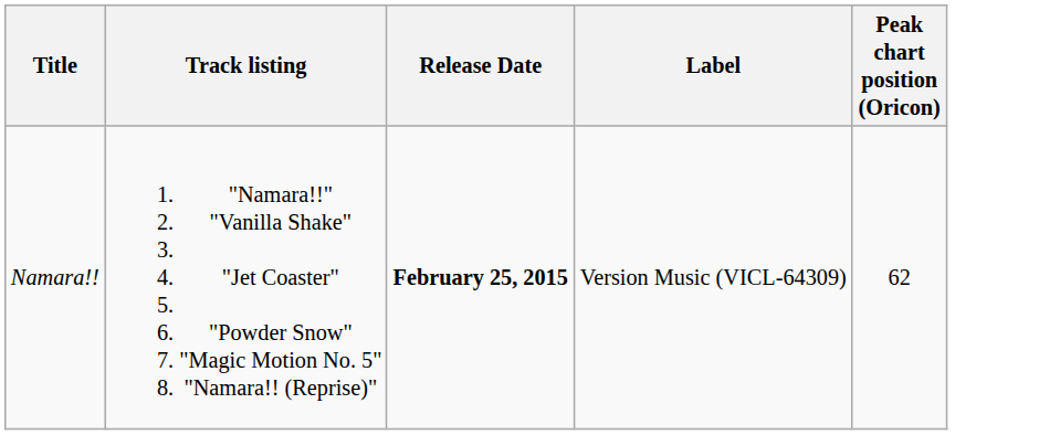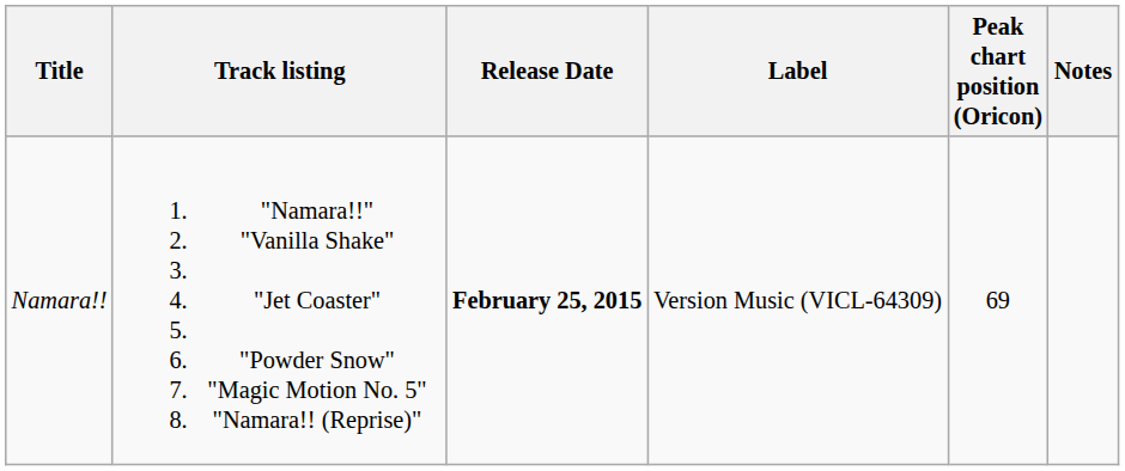 <table class="wikitable" style="font-size:small;text-align:center">
 <tr>
 <th>Title</th>
 <th style="width:30%;">Track listing</th>
 <th>Release Date</th>
 <th>Label</th>
 <th>Peak  <br> chart <br> position <br>  (Oricon)</th>
+<th>Notes</th>
 </tr>
 <tr>
 <td><em>Namara!!</em></td>
 <td style="white-space:nowrap;"><br><ol><li>"Namara!!"</li><li>"Vanilla Shake"</li><li></li><li>"Jet Coaster"</li><li></li><li>"Powder Snow"</li><li>"Magic Motion No. 5"</li><li>"Namara!! (Reprise)"</li></ol></td>
 <td><strong>February 25, 2015</strong></td>
 <td>Version Music (VICL-64309)</td>
-<td>62</td>
+<td>69</td>
+<td></td>
 </tr>
 </table>
